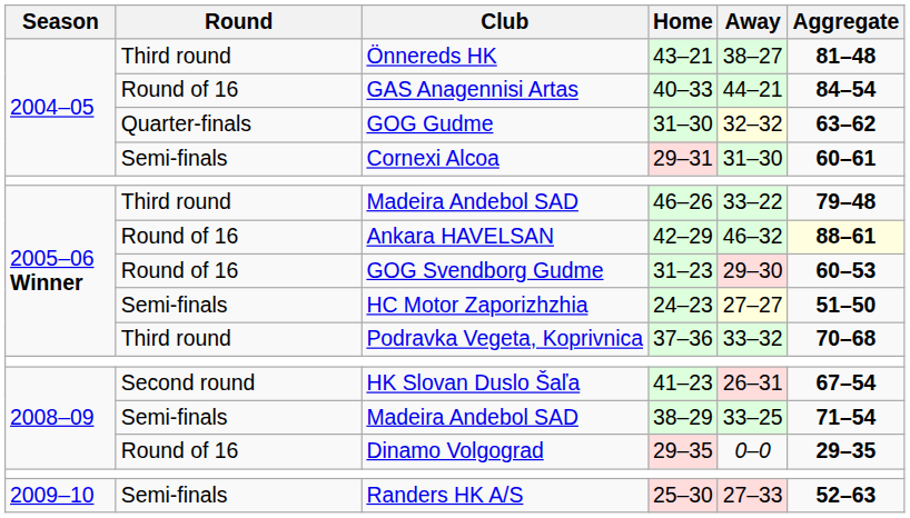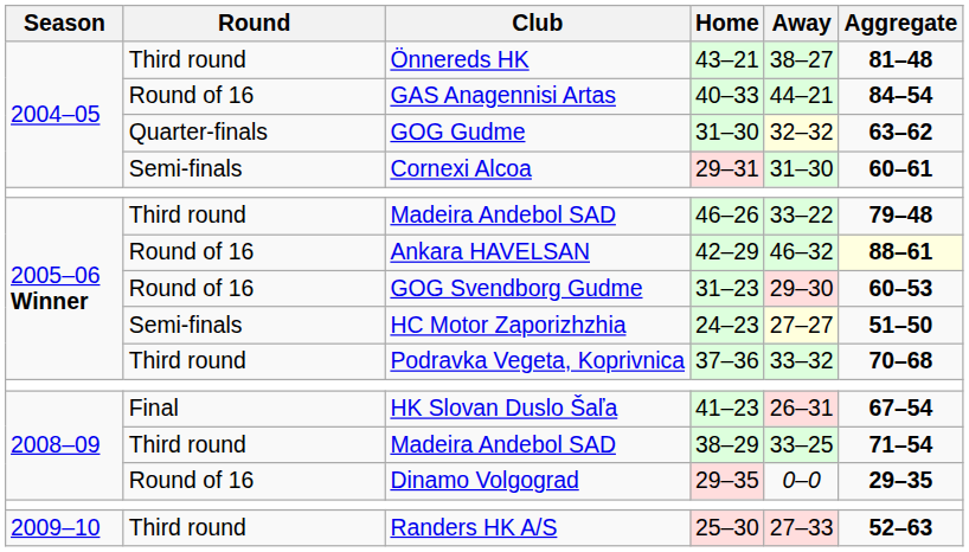 <table class="wikitable">
 <tr>
 <th width=75>Season</th>
 <th width=175>Round</th>
 <th>Club</th>
 <th>Home</th>
 <th>Away</th>
 <th>Aggregate</th>
 </tr>
 <tr>
 <td rowspan=4><a href='#'>2004–05</a></td>
 <td>Third round</td>
 <td> <a href='#'>Önnereds HK</a></td>
 <td style="text-align:center; background:#dfd;">43–21</td>
 <td style="text-align:center; background:#dfd;">38–27</td>
 <td style="text-align:center;"><strong>81–48</strong></td>
 </tr>
 <tr>
 <td>Round of 16</td>
 <td> <a href='#'>GAS Anagennisi Artas</a></td>
 <td style="text-align:center; background:#dfd;">40–33</td>
 <td style="text-align:center; background:#dfd;">44–21</td>
 <td style="text-align:center;"><strong>84–54</strong></td>
 </tr>
 <tr>
 <td>Quarter-finals</td>
 <td> <a href='#'>GOG Gudme</a></td>
 <td style="text-align:center; background:#dfd;">31–30</td>
 <td style="text-align:center; background:#ffd;">32–32</td>
 <td style="text-align:center;"><strong>63–62</strong></td>
 </tr>
 <tr>
 <td>Semi-finals</td>
 <td> <a href='#'>Cornexi Alcoa</a></td>
 <td style="text-align:center; background:#fdd;">29–31</td>
 <td style="text-align:center; background:#dfd;">31–30</td>
 <td style="text-align:center;"><strong>60–61</strong></td>
 </tr>
 <tr>
 <td colspan=7 style="text-align: center;" bgcolor=white></td>
 </tr>
 <tr>
 <td rowspan=5><a href='#'>2005–06</a><br> <strong>Winner</strong></td>
 <td>Third round</td>
 <td> <a href='#'>Madeira Andebol SAD</a></td>
 <td style="text-align:center; background:#dfd;">46–26</td>
 <td style="text-align:center; background:#dfd;">33–22</td>
 <td style="text-align:center;"><strong>79–48</strong></td>
 </tr>
 <tr>
 <td>Round of 16</td>
 <td> <a href='#'>Ankara HAVELSAN</a></td>
 <td style="text-align:center; background:#dfd;">42–29</td>
 <td style="text-align:center; background:#dfd;">46–32</td>
 <td style="background: lightyellow; text-align:center;"><strong>88–61</strong></td>
 </tr>
 <tr>
 <td>Round of 16</td>
 <td> <a href='#'>GOG Svendborg Gudme</a></td>
 <td style="text-align:center; background:#dfd;">31–23</td>
 <td style="text-align:center; background:#fdd;">29–30</td>
 <td style="text-align:center;"><strong>60–53</strong></td>
 </tr>
 <tr>
 <td>Semi-finals</td>
 <td> <a href='#'>HC Motor Zaporizhzhia</a></td>
 <td style="text-align:center; background:#dfd;">24–23</td>
 <td style="text-align:center; background:#ffd;">27–27</td>
 <td style="text-align:center;"><strong>51–50</strong></td>
 </tr>
 <tr>
 <td>Third round</td>
 <td> <a href='#'>Podravka Vegeta, Koprivnica</a></td>
 <td style="text-align:center; background:#dfd;">37–36</td>
 <td style="text-align:center; background:#dfd;">33–32</td>
 <td style="text-align:center;"><strong>70–68</strong></td>
 </tr>
 <tr>
 <td colspan=7 style="text-align: center;" bgcolor=white></td>
 </tr>
 <tr>
 <td rowspan=3><a href='#'>2008–09</a></td>
-<td>Second round</td>
+<td>Final</td>
 <td> <a href='#'>HK Slovan Duslo Šaľa</a></td>
 <td style="text-align:center; background:#dfd;">41–23</td>
 <td style="text-align:center; background:#fdd;">26–31</td>
 <td style="text-align:center;"><strong>67–54</strong></td>
 </tr>
 <tr>
-<td>Semi-finals</td>
+<td>Third round</td>
 <td> <a href='#'>Madeira Andebol SAD</a></td>
 <td style="text-align:center; background:#dfd;">38–29</td>
 <td style="text-align:center; background:#dfd;">33–25</td>
 <td style="text-align:center;"><strong>71–54</strong></td>
 </tr>
 <tr>
 <td>Round of 16</td>
 <td> <a href='#'>Dinamo Volgograd</a></td>
 <td style="text-align:center; background:#fdd;">29–35</td>
 <td align=center><em>0–0</em></td>
 <td style="text-align:center;"><strong>29–35</strong></td>
 </tr>
 <tr>
 <td colspan=7 style="text-align: center;" bgcolor=white></td>
 </tr>
 <tr>
 <td rowspan=1><a href='#'>2009–10</a></td>
-<td>Semi-finals</td>
+<td>Third round</td>
 <td> <a href='#'>Randers HK A/S</a></td>
 <td style="text-align:center; background:#fdd;">25–30</td>
 <td style="text-align:center; background:#fdd;">27–33</td>
 <td style="text-align:center;"><strong>52–63</strong></td>
 </tr>
 </table>
